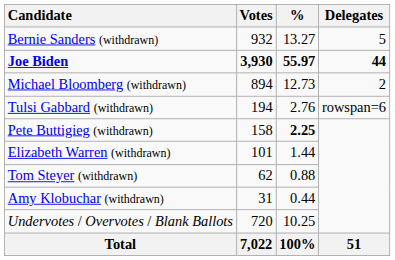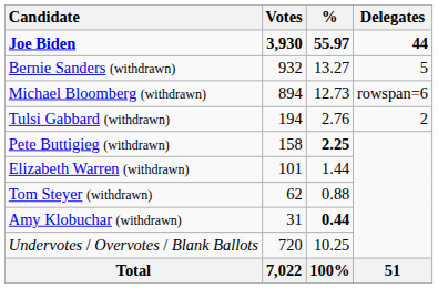 <table class="wikitable sortable" style="text-align:right;">
 <tr>
 <th style="text-align:left;">Candidate</th>
 <th>Votes</th>
 <th>%</th>
 <th>Delegates</th>
 </tr>
 <tr>
+<td style="text-align:left;" data-sort-value="Biden, Joe"><strong><a href='#'>Joe Biden</a></strong></td>
+<td><strong>3,930</strong></td>
+<td><strong>55.97</strong></td>
+<td><strong>44</strong></td>
+</tr>
+<tr>
 <td style="text-align:left;" data-sort-value="Sanders, Bernie"><a href='#'>Bernie Sanders</a> <small>(withdrawn)</small></td>
 <td>932</td>
 <td>13.27</td>
 <td>5</td>
 </tr>
 <tr>
-<td style="text-align:left;" data-sort-value="Biden, Joe"><strong><a href='#'>Joe Biden</a></strong></td>
-<td><strong>3,930</strong></td>
-<td><strong>55.97</strong></td>
-<td><strong>44</strong></td>
-</tr>
-<tr>
 <td style="text-align:left;" data-sort-value="Bloomberg, Michael"><a href='#'>Michael Bloomberg</a> <small>(withdrawn)</small></td>
 <td>894</td>
 <td>12.73</td>
-<td>2</td>
+<td>rowspan=6 </td>
 </tr>
 <tr>
 <td style="text-align:left;" data-sort-value="Gabbard, Tulsi"><a href='#'>Tulsi Gabbard</a> <small>(withdrawn)</small></td>
 <td>194</td>
 <td>2.76</td>
-<td>rowspan=6 </td>
+<td>2</td>
 </tr>
 <tr>
 <td style="text-align:left;" data-sort-value="Buttigieg, Pete"><a href='#'>Pete Buttigieg</a> <small>(withdrawn)</small></td>
 <td>158</td>
 <td><strong>2.25</strong></td>
 </tr>
 <tr>
 <td style="text-align:left;" data-sort-value="Warren, Elizabeth"><a href='#'>Elizabeth Warren</a> <small>(withdrawn)</small></td>
 <td>101</td>
 <td>1.44</td>
 </tr>
 <tr>
 <td style="text-align:left;" data-sort-value="Steyer, Tom"><a href='#'>Tom Steyer</a> <small>(withdrawn)</small></td>
 <td>62</td>
 <td>0.88</td>
 </tr>
 <tr>
 <td style="text-align:left;" data-sort-value="Klobuchar, Amy"><a href='#'>Amy Klobuchar</a> <small>(withdrawn)</small></td>
 <td>31</td>
-<td>0.44</td>
+<td><strong>0.44</strong></td>
 </tr>
 <tr>
 <td style="text-align:left;" data-sort-value="ZZ"><em>Undervotes</em> / <em>Overvotes</em> / <em>Blank Ballots</em></td>
 <td>720</td>
 <td>10.25</td>
 </tr>
 <tr>
 <th>Total</th>
 <th>7,022</th>
 <th>100%</th>
 <th>51</th>
 </tr>
 </table>
